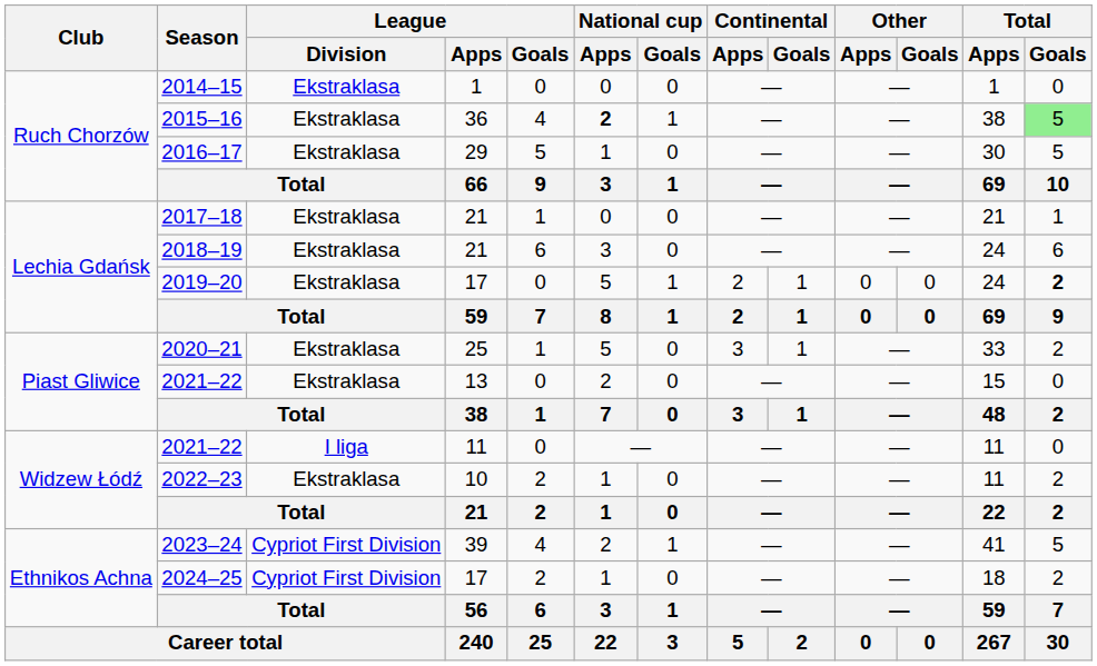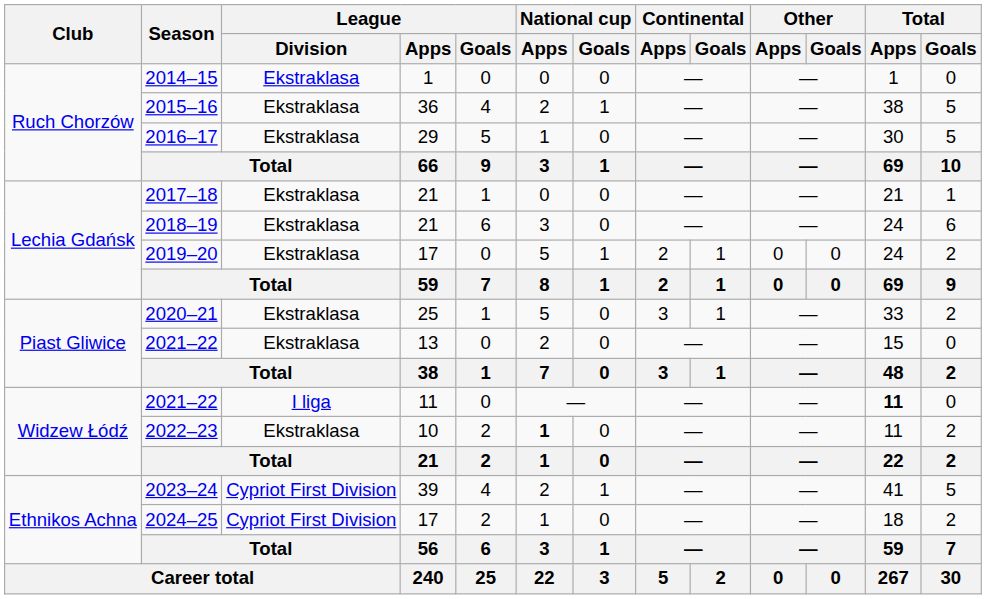 <table class="wikitable" style="text-align: center;">
 <tr>
 <th rowspan="2">Club</th>
 <th rowspan="2">Season</th>
 <th colspan="3">League</th>
 <th colspan="2">National cup</th>
 <th colspan="2">Continental</th>
 <th colspan="2">Other</th>
 <th colspan="2">Total</th>
 </tr>
 <tr>
 <th>Division</th>
 <th>Apps</th>
 <th>Goals</th>
 <th>Apps</th>
 <th>Goals</th>
 <th>Apps</th>
 <th>Goals</th>
 <th>Apps</th>
 <th>Goals</th>
 <th>Apps</th>
 <th>Goals</th>
 </tr>
 <tr>
 <td rowspan="4"><a href='#'>Ruch Chorzów</a></td>
 <td><a href='#'>2014–15</a></td>
 <td><a href='#'>Ekstraklasa</a></td>
 <td>1</td>
 <td>0</td>
 <td>0</td>
 <td>0</td>
 <td colspan="2">—</td>
 <td colspan="2">—</td>
 <td>1</td>
 <td>0</td>
 </tr>
 <tr>
 <td><a href='#'>2015–16</a></td>
 <td>Ekstraklasa</td>
 <td>36</td>
 <td>4</td>
-<td><strong>2</strong></td>
+<td>2</td>
 <td>1</td>
 <td colspan="2">—</td>
 <td colspan="2">—</td>
 <td>38</td>
-<td style="background: lightgreen;">5</td>
+<td>5</td>
 </tr>
 <tr>
 <td><a href='#'>2016–17</a></td>
 <td>Ekstraklasa</td>
 <td>29</td>
 <td>5</td>
 <td>1</td>
 <td>0</td>
 <td colspan="2">—</td>
 <td colspan="2">—</td>
 <td>30</td>
 <td>5</td>
 </tr>
 <tr>
 <th colspan="2">Total</th>
 <th>66</th>
 <th>9</th>
 <th>3</th>
 <th>1</th>
 <th colspan="2">—</th>
 <th colspan="2">—</th>
 <th>69</th>
 <th>10</th>
 </tr>
 <tr>
 <td rowspan="4"><a href='#'>Lechia Gdańsk</a></td>
 <td><a href='#'>2017–18</a></td>
 <td>Ekstraklasa</td>
 <td>21</td>
 <td>1</td>
 <td>0</td>
 <td>0</td>
 <td colspan="2">—</td>
 <td colspan="2">—</td>
 <td>21</td>
 <td>1</td>
 </tr>
 <tr>
 <td><a href='#'>2018–19</a></td>
 <td>Ekstraklasa</td>
 <td>21</td>
 <td>6</td>
 <td>3</td>
 <td>0</td>
 <td colspan="2">—</td>
 <td colspan="2">—</td>
 <td>24</td>
 <td>6</td>
 </tr>
 <tr>
 <td><a href='#'>2019–20</a></td>
 <td>Ekstraklasa</td>
 <td>17</td>
 <td>0</td>
 <td>5</td>
 <td>1</td>
 <td>2</td>
 <td>1</td>
 <td>0</td>
 <td>0</td>
 <td>24</td>
-<td><strong>2</strong></td>
+<td>2</td>
 </tr>
 <tr>
 <th colspan="2">Total</th>
 <th>59</th>
 <th>7</th>
 <th>8</th>
 <th>1</th>
 <th>2</th>
 <th>1</th>
 <th>0</th>
 <th>0</th>
 <th>69</th>
 <th>9</th>
 </tr>
 <tr>
 <td rowspan="3"><a href='#'>Piast Gliwice</a></td>
 <td><a href='#'>2020–21</a></td>
 <td>Ekstraklasa</td>
 <td>25</td>
 <td>1</td>
 <td>5</td>
 <td>0</td>
 <td>3</td>
 <td>1</td>
 <td colspan="2">—</td>
 <td>33</td>
 <td>2</td>
 </tr>
 <tr>
 <td><a href='#'>2021–22</a></td>
 <td>Ekstraklasa</td>
 <td>13</td>
 <td>0</td>
 <td>2</td>
 <td>0</td>
 <td colspan="2">—</td>
 <td colspan="2">—</td>
 <td>15</td>
 <td>0</td>
 </tr>
 <tr>
 <th colspan="2">Total</th>
 <th>38</th>
 <th>1</th>
 <th>7</th>
 <th>0</th>
 <th>3</th>
 <th>1</th>
 <th colspan="2">—</th>
 <th>48</th>
 <th>2</th>
 </tr>
 <tr>
 <td rowspan="3"><a href='#'>Widzew Łódź</a></td>
 <td><a href='#'>2021–22</a></td>
 <td><a href='#'>I liga</a></td>
 <td>11</td>
 <td>0</td>
 <td colspan="2">—</td>
 <td colspan="2">—</td>
 <td colspan="2">—</td>
-<td>11</td>
+<td><strong>11</strong></td>
 <td>0</td>
 </tr>
 <tr>
 <td><a href='#'>2022–23</a></td>
 <td>Ekstraklasa</td>
 <td>10</td>
 <td>2</td>
-<td>1</td>
+<td><strong>1</strong></td>
 <td>0</td>
 <td colspan="2">—</td>
 <td colspan="2">—</td>
 <td>11</td>
 <td>2</td>
 </tr>
 <tr>
 <th colspan="2">Total</th>
 <th>21</th>
 <th>2</th>
 <th>1</th>
 <th>0</th>
 <th colspan="2">—</th>
 <th colspan="2">—</th>
 <th>22</th>
 <th>2</th>
 </tr>
 <tr>
 <td rowspan="3"><a href='#'>Ethnikos Achna</a></td>
 <td><a href='#'>2023–24</a></td>
 <td><a href='#'>Cypriot First Division</a></td>
 <td>39</td>
 <td>4</td>
 <td>2</td>
 <td>1</td>
 <td colspan="2">—</td>
 <td colspan="2">—</td>
 <td>41</td>
 <td>5</td>
 </tr>
 <tr>
 <td><a href='#'>2024–25</a></td>
 <td><a href='#'>Cypriot First Division</a></td>
 <td>17</td>
 <td>2</td>
 <td>1</td>
 <td>0</td>
 <td colspan="2">—</td>
 <td colspan="2">—</td>
 <td>18</td>
 <td>2</td>
 </tr>
 <tr>
 <th colspan="2">Total</th>
 <th>56</th>
 <th>6</th>
 <th>3</th>
 <th>1</th>
 <th colspan="2">—</th>
 <th colspan="2">—</th>
 <th>59</th>
 <th>7</th>
 </tr>
 <tr>
 <th colspan="3">Career total</th>
 <th>240</th>
 <th>25</th>
 <th>22</th>
 <th>3</th>
 <th>5</th>
 <th>2</th>
 <th>0</th>
 <th>0</th>
 <th>267</th>
 <th>30</th>
 </tr>
 </table>
